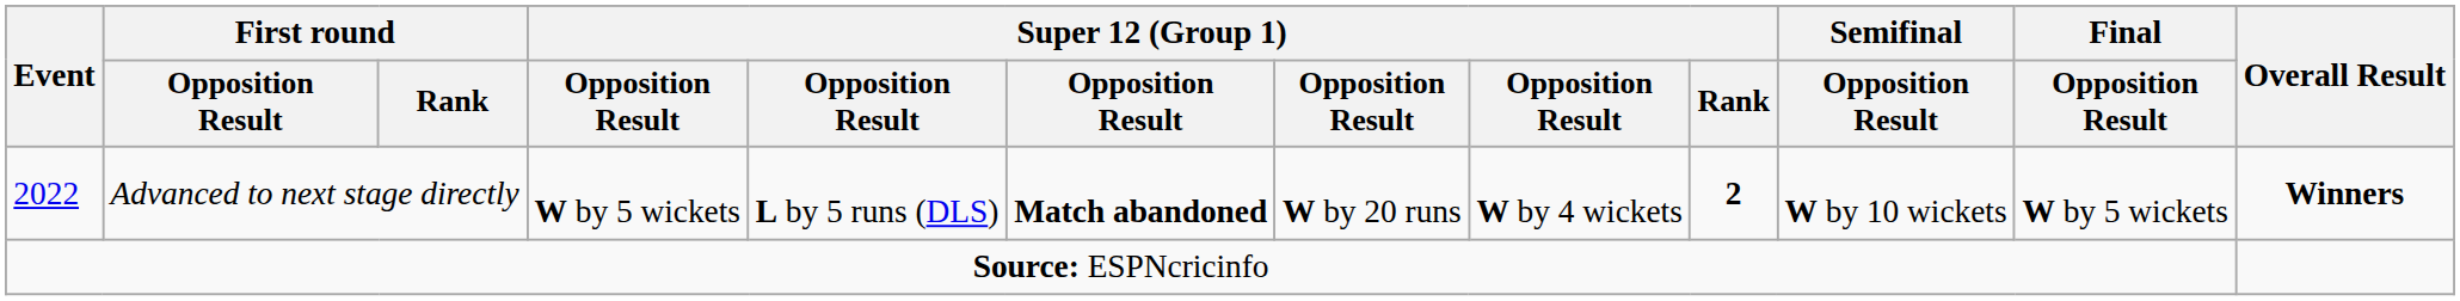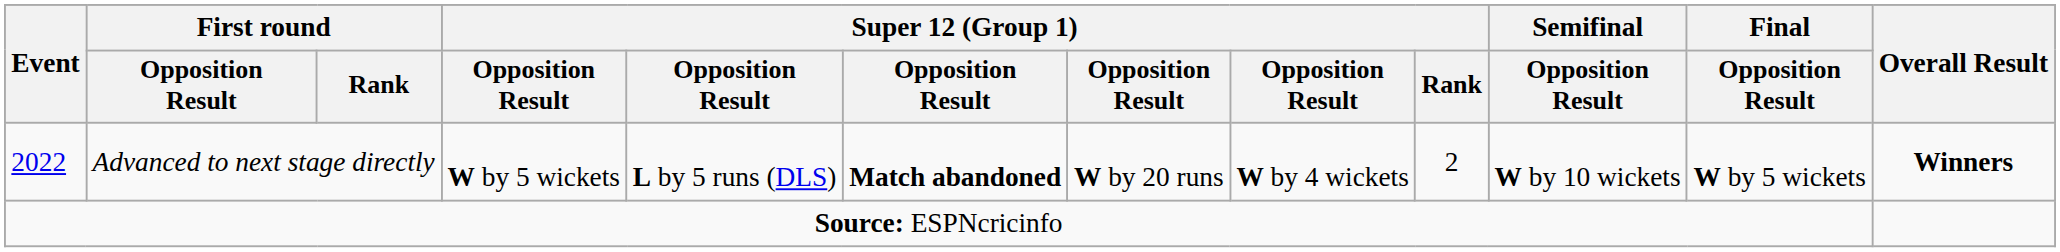 <table class=wikitable style=font-size:90%;text-align:center>
 <tr>
 <th rowspan=2>Event</th>
 <th colspan=2>First round</th>
 <th colspan=6>Super 12 (Group 1)</th>
 <th>Semifinal</th>
 <th>Final</th>
 <th rowspan=2>Overall Result</th>
 </tr>
 <tr style=font-size:95%>
 <th>Opposition<br>Result</th>
 <th>Rank</th>
 <th>Opposition<br>Result</th>
 <th>Opposition<br>Result</th>
 <th>Opposition<br>Result</th>
 <th>Opposition<br>Result</th>
 <th>Opposition<br>Result</th>
 <th>Rank</th>
 <th>Opposition<br>Result</th>
 <th>Opposition<br>Result</th>
 </tr>
 <tr>
 <td align=left><a href='#'>2022</a></td>
 <td colspan="2"><em>Advanced to next stage directly</em></td>
 <td><br><strong>W</strong> by 5 wickets</td>
 <td><br><strong>L</strong> by 5 runs (<a href='#'>DLS</a>)</td>
 <td><br><strong>Match abandoned</strong></td>
 <td><br><strong>W</strong> by 20 runs</td>
 <td><br><strong>W</strong> by 4 wickets</td>
-<td><strong>2</strong></td>
+<td>2</td>
 <td><br><strong>W</strong> by 10 wickets</td>
 <td><br><strong>W</strong> by 5 wickets</td>
 <td><strong>Winners</strong></td>
 </tr>
 <tr>
 <td colspan="11"><strong>Source:</strong> ESPNcricinfo</td>
 </tr>
 </table>
